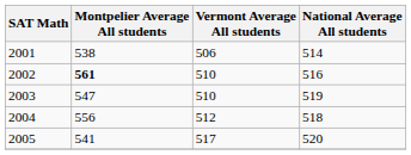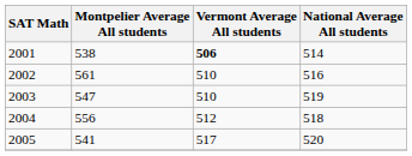 <table class="wikitable">
 <tr>
 <th>SAT Math</th>
 <th>Montpelier Average<br>All students</th>
 <th>Vermont Average<br>All students</th>
 <th>National Average<br>All students</th>
 </tr>
 <tr>
 <td>2001</td>
 <td>538</td>
-<td>506</td>
+<td><strong>506</strong></td>
 <td>514</td>
 </tr>
 <tr>
 <td>2002</td>
-<td><strong>561</strong></td>
+<td>561</td>
 <td>510</td>
 <td>516</td>
 </tr>
 <tr>
 <td>2003</td>
 <td>547</td>
 <td>510</td>
 <td>519</td>
 </tr>
 <tr>
 <td>2004</td>
 <td>556</td>
 <td>512</td>
 <td>518</td>
 </tr>
 <tr>
 <td>2005</td>
 <td>541</td>
 <td>517</td>
 <td>520</td>
 </tr>
 <tr>
 </tr>
 </table>
